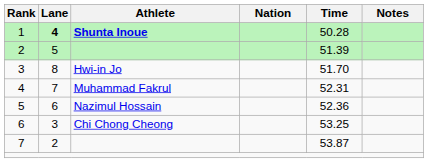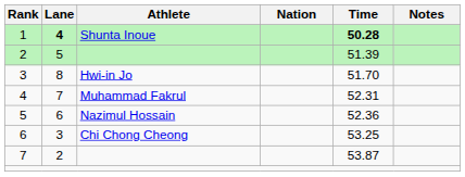 <table class="wikitable sortable" style="text-align:center;width: 65%;">
 <tr>
 <th scope="col" style="width: 10px;">Rank</th>
 <th scope="col" style="width: 10px;">Lane</th>
 <th scope="col">Athlete</th>
 <th scope="col">Nation</th>
 <th scope="col">Time</th>
 <th scope="col">Notes</th>
 </tr>
 <tr bgcolor=bbf3bb>
 <td>1</td>
 <td><strong>4</strong></td>
-<td align="left"><strong><a href='#'>Shunta Inoue</a></strong></td>
+<td align="left"><a href='#'>Shunta Inoue</a></td>
 <td align="left"></td>
-<td>50.28</td>
+<td><strong>50.28</strong></td>
 <td></td>
 </tr>
 <tr bgcolor=bbf3bb>
 <td>2</td>
 <td>5</td>
 <td align="left"></td>
 <td align="left"></td>
 <td>51.39</td>
 <td></td>
 </tr>
 <tr>
 <td>3</td>
 <td>8</td>
 <td align="left"><a href='#'>Hwi-in Jo</a></td>
 <td align="left"></td>
 <td>51.70</td>
 <td></td>
 </tr>
 <tr>
 <td>4</td>
 <td>7</td>
 <td align="left"><a href='#'>Muhammad Fakrul</a></td>
 <td align="left"></td>
 <td>52.31</td>
 <td></td>
 </tr>
 <tr>
 <td>5</td>
 <td>6</td>
 <td align="left"><a href='#'>Nazimul Hossain</a></td>
 <td align="left"></td>
 <td>52.36</td>
 <td></td>
 </tr>
 <tr>
 <td>6</td>
 <td>3</td>
 <td align="left"><a href='#'>Chi Chong Cheong</a></td>
 <td align="left"></td>
 <td>53.25</td>
 <td></td>
 </tr>
 <tr>
 <td>7</td>
 <td>2</td>
 <td align="left"></td>
 <td align="left"></td>
 <td>53.87</td>
 <td></td>
 </tr>
 <tr class="sortbottom">
 <td colspan="6"></td>
 </tr>
 </table>
